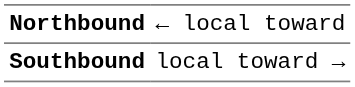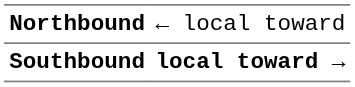 <table border="1" cellspacing="0" cellpadding="3" frame="hsides" rules="rows">
 <tr>
 <th><span>Northbound</span></th>
 <td>←  local toward </td>
 </tr>
 <tr>
 <th><span>Southbound</span></th>
-<td>  local toward  →</td>
+<td><strong>  local toward  →</strong></td>
 </tr>
 </table>
